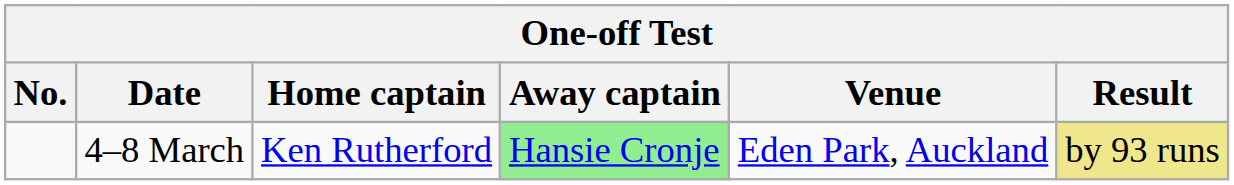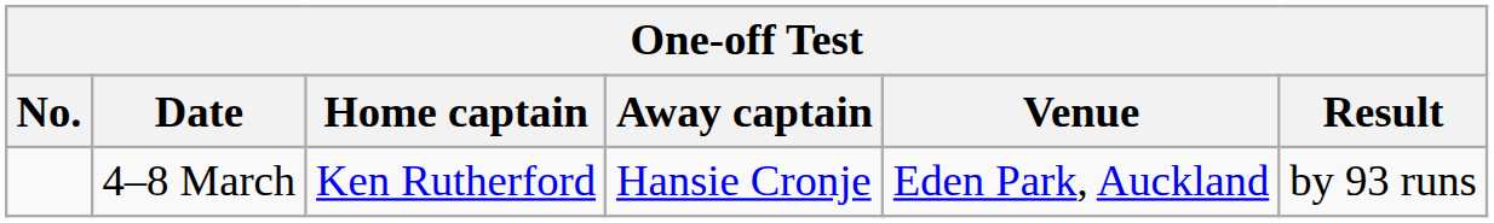 <table class="wikitable">
 <tr>
 <th colspan="9">One-off Test</th>
 </tr>
 <tr>
 <th>No.</th>
 <th>Date</th>
 <th>Home captain</th>
 <th>Away captain</th>
 <th>Venue</th>
 <th>Result</th>
 </tr>
 <tr>
 <td></td>
 <td>4–8 March</td>
 <td><a href='#'>Ken Rutherford</a></td>
-<td style="background: lightgreen;"><a href='#'>Hansie Cronje</a></td>
+<td><a href='#'>Hansie Cronje</a></td>
 <td><a href='#'>Eden Park</a>, <a href='#'>Auckland</a></td>
-<td style="background: khaki;"> by 93 runs</td>
+<td> by 93 runs</td>
 </tr>
 </table>
